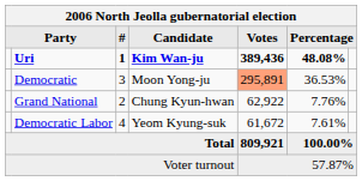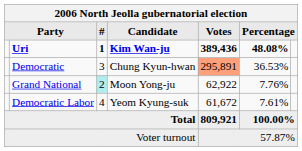 <table class="wikitable">
 <tr>
 <th colspan="7">2006 North Jeolla gubernatorial election</th>
 </tr>
 <tr>
 <th style="background-color:#E9E9E9" colspan=2>Party</th>
 <th style="background-color:#E9E9E9">#</th>
 <th style="background-color:#E9E9E9">Candidate</th>
 <th style="background-color:#E9E9E9">Votes</th>
 <th style="background-color:#E9E9E9" colspan=2>Percentage</th>
 </tr>
 <tr style="font-weight:bold">
 <td></td>
 <td align=left><a href='#'>Uri</a></td>
 <td align=center>1</td>
 <td align=left><a href='#'>Kim Wan-ju</a></td>
 <td align=right>389,436</td>
 <td align=right>48.08%</td>
 <td align=right></td>
 </tr>
 <tr>
 <td></td>
 <td align=left><a href='#'>Democratic</a></td>
 <td align=center>3</td>
-<td align=left>Moon Yong-ju</td>
+<td align=left>Chung Kyun-hwan</td>
 <td align=right style="background: lightsalmon;">295,891</td>
 <td align=right>36.53%</td>
 <td align=right></td>
 </tr>
 <tr>
 <td></td>
 <td align=left><a href='#'>Grand National</a></td>
-<td align=center>2</td>
-<td align=left>Chung Kyun-hwan</td>
+<td align=center style="background: paleturquoise;">2</td>
+<td align=left>Moon Yong-ju</td>
 <td align=right>62,922</td>
 <td align=right>7.76%</td>
 <td align=right></td>
 </tr>
 <tr>
 <td></td>
 <td align=left><a href='#'>Democratic Labor</a></td>
 <td align=center>4</td>
 <td align=left>Yeom Kyung-suk</td>
 <td align=right>61,672</td>
 <td align=right>7.61%</td>
 <td align=right></td>
 </tr>
 <tr bgcolor="#EEEEEE" style="font-weight:bold">
 <td colspan="4" align=right>Total</td>
 <td align=right>809,921</td>
 <td align=right colspan=2>100.00%</td>
 </tr>
 <tr bgcolor="#EEEEEE">
 <td colspan="4" align="right">Voter turnout</td>
 <td colspan="3" align="right">57.87%</td>
 </tr>
 </table>
